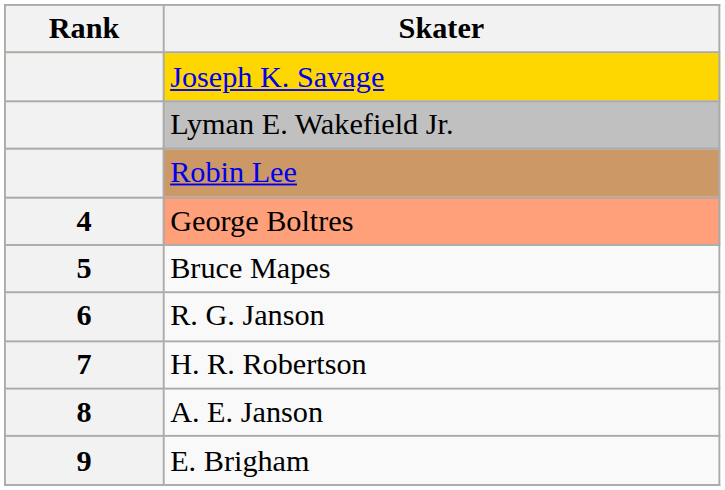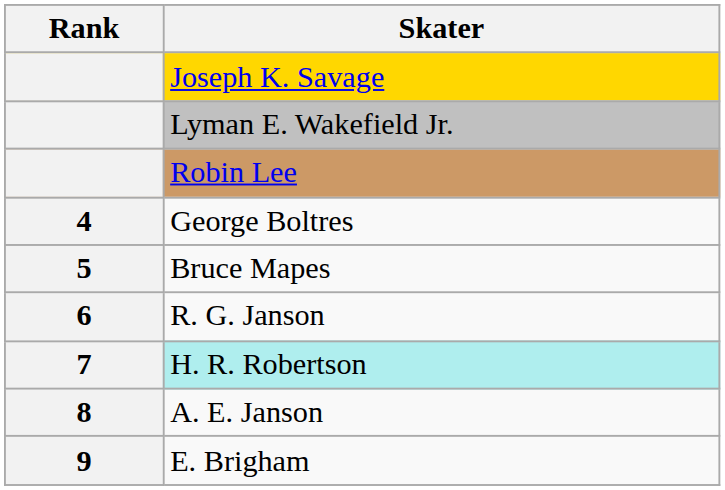 <table class="wikitable unsortable" style="text-align:left; width:30%">
 <tr>
 <th scope="col">Rank</th>
 <th scope="col">Skater</th>
 </tr>
 <tr bgcolor="gold">
 <th scope="row"></th>
 <td><a href='#'>Joseph K. Savage</a></td>
 </tr>
 <tr bgcolor="silver">
 <th scope="row"></th>
 <td>Lyman E. Wakefield Jr.</td>
 </tr>
 <tr bgcolor="cc9966">
 <th scope="row"></th>
 <td><a href='#'>Robin Lee</a></td>
 </tr>
 <tr>
 <th scope="row">4</th>
-<td style="background: lightsalmon;">George Boltres</td>
+<td>George Boltres</td>
 </tr>
 <tr>
 <th scope="row">5</th>
 <td>Bruce Mapes</td>
 </tr>
 <tr>
 <th scope="row">6</th>
 <td>R. G. Janson</td>
 </tr>
 <tr>
 <th scope="row">7</th>
-<td>H. R. Robertson</td>
+<td style="background: paleturquoise;">H. R. Robertson</td>
 </tr>
 <tr>
 <th scope="row">8</th>
 <td>A. E. Janson</td>
 </tr>
 <tr>
 <th scope="row">9</th>
 <td>E. Brigham</td>
 </tr>
 </table>
